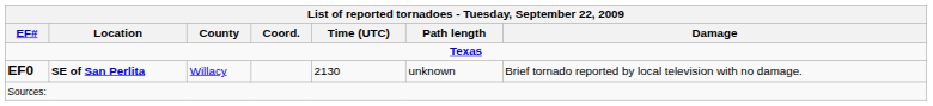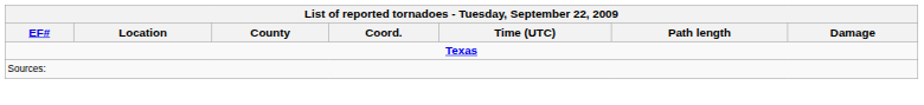 <table class="wikitable collapsible" width="100%">
 <tr>
 <th colspan="7">List of reported tornadoes - Tuesday, September 22, 2009</th>
 </tr>
 <tr>
 <th><a href='#'>EF#</a></th>
 <th>Location</th>
 <th>County</th>
 <th>Coord.</th>
 <th>Time (UTC)</th>
 <th>Path length</th>
 <th>Damage</th>
 </tr>
 <tr>
 <td colspan="7" align=center><strong><a href='#'>Texas</a></strong></td>
 </tr>
 <tr>
-<td><big><strong>EF0</strong></big></td>
-<td><strong>SE of <a href='#'>San Perlita</a></strong></td>
-<td><a href='#'>Willacy</a></td>
-<td></td>
-<td>2130</td>
-<td>unknown</td>
-<td>Brief tornado reported by local television with no damage.</td>
-</tr>
-<tr>
 <td colspan="7"><small>Sources: </small></td>
 </tr>
 </table>
